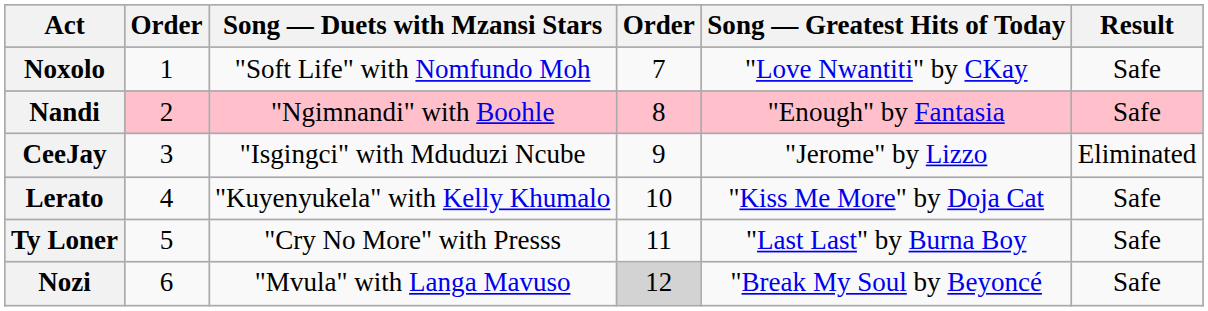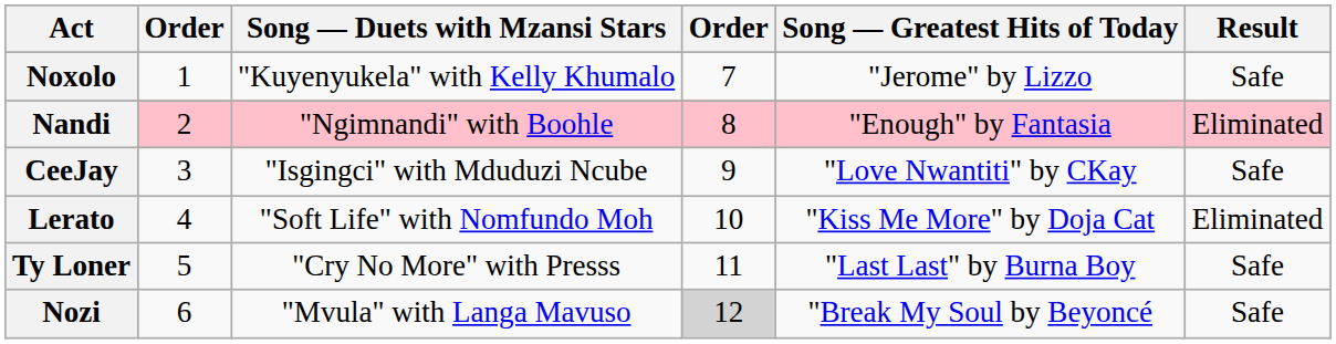 <table class="wikitable plainrowheaders" style="text-align:center;">
 <tr>
 <th scope"col">Act</th>
 <th scope"col">Order</th>
 <th scope"col">Song — Duets with Mzansi Stars</th>
 <th scope"col">Order</th>
 <th scope"col">Song — Greatest Hits of Today</th>
 <th scope"col">Result</th>
 </tr>
 <tr>
 <th scope=row>Noxolo</th>
 <td>1</td>
-<td>"Soft Life" with <a href='#'>Nomfundo Moh</a></td>
+<td>"Kuyenyukela" with <a href='#'>Kelly Khumalo</a></td>
 <td>7</td>
-<td>"<a href='#'>Love Nwantiti</a>" by <a href='#'>CKay</a></td>
+<td>"Jerome" by <a href='#'>Lizzo</a></td>
 <td>Safe</td>
 </tr>
 <tr style="background: pink">
 <th scope=row>Nandi</th>
 <td>2</td>
 <td>"Ngimnandi" with <a href='#'>Boohle</a></td>
 <td>8</td>
 <td>"Enough" by <a href='#'>Fantasia</a></td>
-<td>Safe</td>
+<td>Eliminated</td>
 </tr>
 <tr>
 <th scope=row>CeeJay</th>
 <td>3</td>
 <td>"Isgingci" with Mduduzi Ncube</td>
 <td>9</td>
-<td>"Jerome" by <a href='#'>Lizzo</a></td>
-<td>Eliminated</td>
+<td>"<a href='#'>Love Nwantiti</a>" by <a href='#'>CKay</a></td>
+<td>Safe</td>
 </tr>
 <tr>
 <th scope=row>Lerato</th>
 <td>4</td>
-<td>"Kuyenyukela" with <a href='#'>Kelly Khumalo</a></td>
+<td>"Soft Life" with <a href='#'>Nomfundo Moh</a></td>
 <td>10</td>
 <td>"<a href='#'>Kiss Me More</a>" by <a href='#'>Doja Cat</a></td>
-<td>Safe</td>
+<td>Eliminated</td>
 </tr>
 <tr>
 <th scope=row>Ty Loner</th>
 <td>5</td>
 <td>"Cry No More" with Presss</td>
 <td>11</td>
 <td>"<a href='#'>Last Last</a>" by <a href='#'>Burna Boy</a></td>
 <td>Safe</td>
 </tr>
 <tr>
 <th scope=row>Nozi</th>
 <td>6</td>
 <td>"Mvula" with <a href='#'>Langa Mavuso</a></td>
 <td style="background: lightgrey;">12</td>
 <td>"<a href='#'>Break My Soul</a> by <a href='#'>Beyoncé</a></td>
 <td>Safe</td>
 </tr>
 </table>
